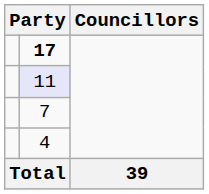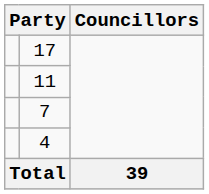 <table class="wikitable">
 <tr>
 <th colspan=2>Party</th>
 <th>Councillors</th>
 </tr>
 <tr>
 <td></td>
-<td align=center><strong>17</strong></td>
+<td align=center>17</td>
 </tr>
 <tr>
 <td></td>
-<td align=center style="background: lavender;">11</td>
+<td align=center>11</td>
 </tr>
 <tr>
 <td></td>
 <td align=center>7</td>
 </tr>
 <tr>
 <td></td>
 <td align=center>4</td>
 </tr>
 <tr>
 <th colspan=2>Total</th>
 <th align=center>39</th>
 </tr>
 </table>
